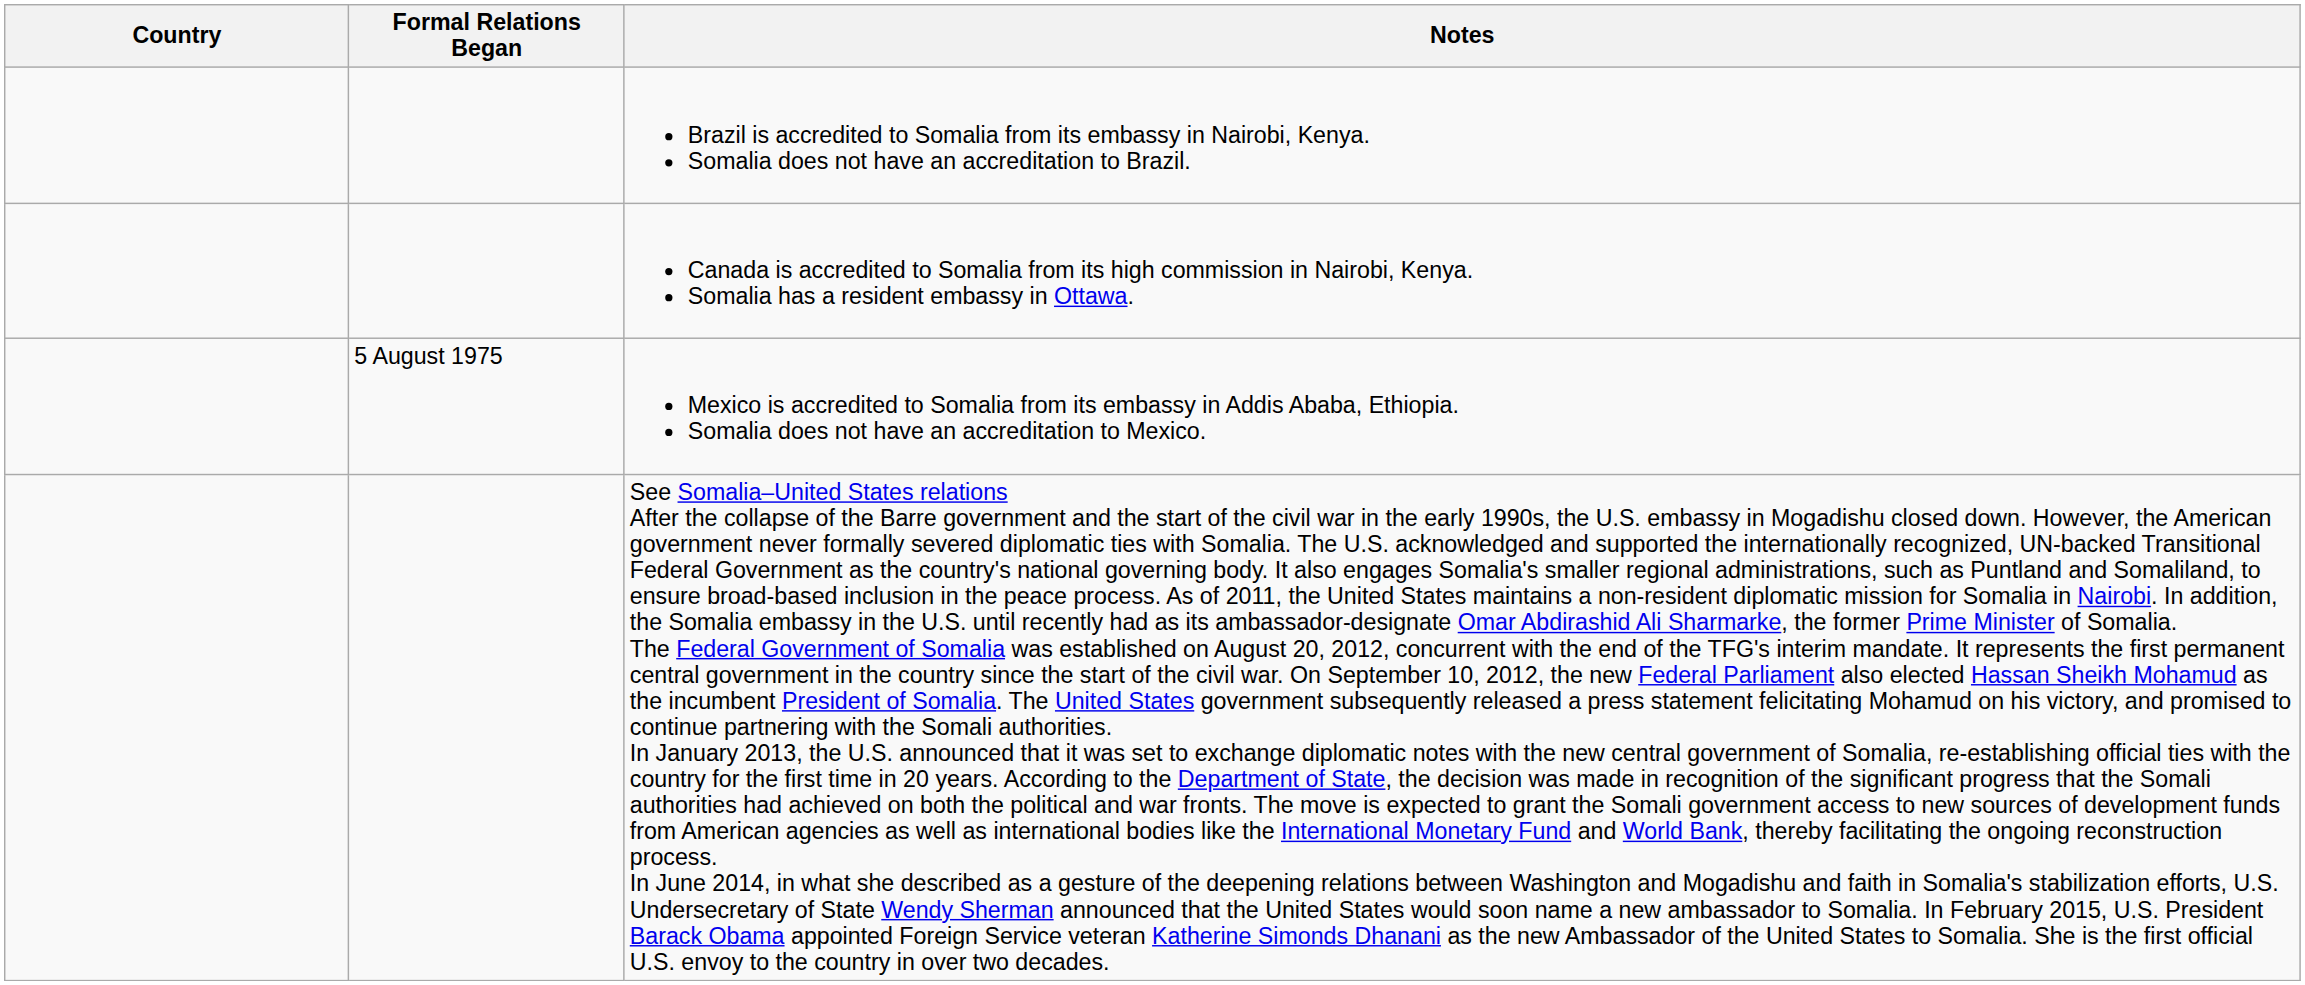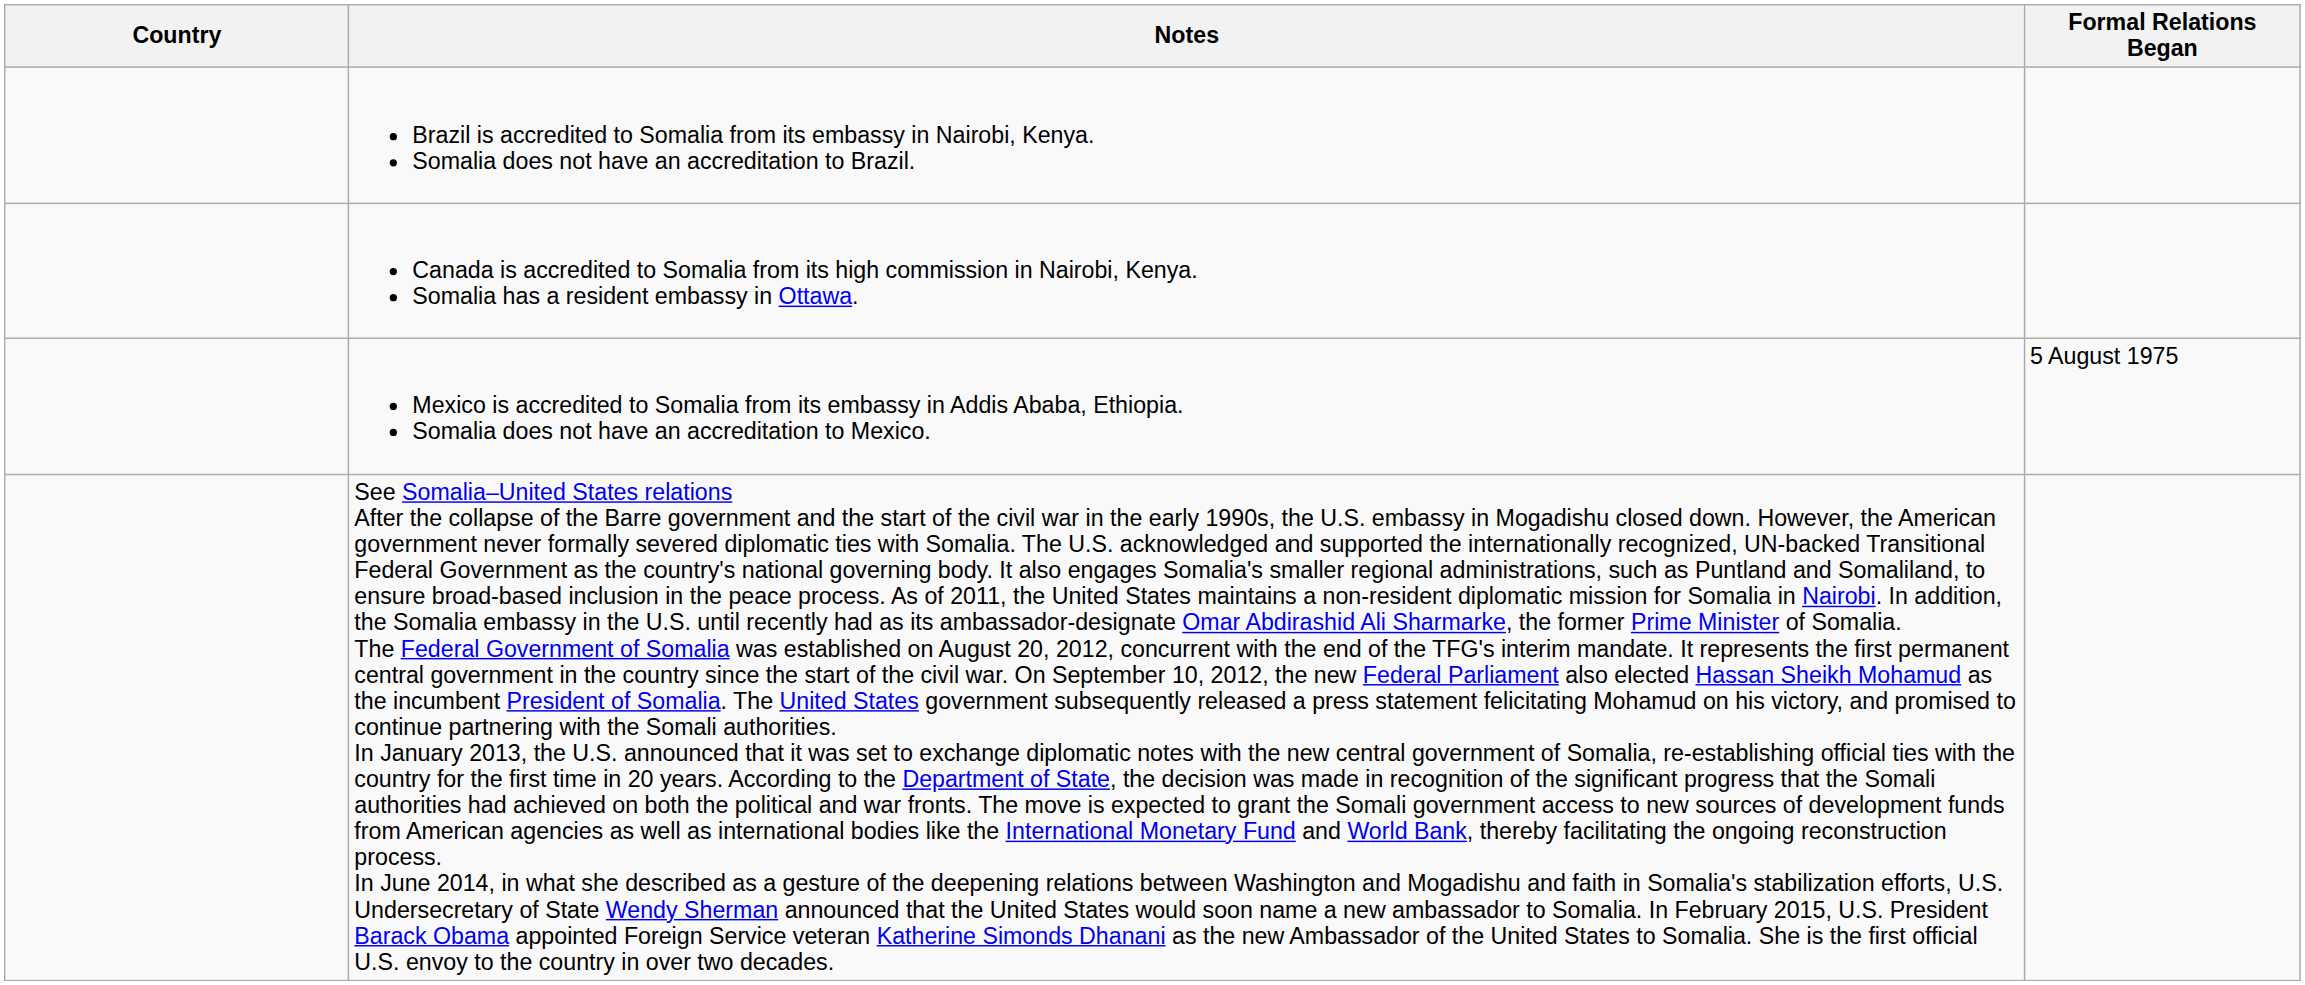 <table class="wikitable sortable" style="width:100%; margin:auto;">
 <tr>
 <th style="width:15%;">Country</th>
+<th>Notes</th>
 <th style="width:12%;">Formal Relations Began</th>
-<th>Notes</th>
 </tr>
 <tr valign="top">
 <td></td>
+<td><br><ul><li>Brazil is accredited to Somalia from its embassy in Nairobi, Kenya.</li><li>Somalia does not have an accreditation to Brazil.</li></ul></td>
 <td></td>
-<td><br><ul><li>Brazil is accredited to Somalia from its embassy in Nairobi, Kenya.</li><li>Somalia does not have an accreditation to Brazil.</li></ul></td>
 </tr>
 <tr valign="top">
 <td></td>
+<td><br><ul><li>Canada is accredited to Somalia from its high commission in Nairobi, Kenya.</li><li>Somalia has a resident embassy in <a href='#'>Ottawa</a>.</li></ul></td>
 <td></td>
-<td><br><ul><li>Canada is accredited to Somalia from its high commission in Nairobi, Kenya.</li><li>Somalia has a resident embassy in <a href='#'>Ottawa</a>.</li></ul></td>
 </tr>
 <tr valign="top">
 <td></td>
+<td><br><ul><li>Mexico is accredited to Somalia from its embassy in Addis Ababa, Ethiopia.</li><li>Somalia does not have an accreditation to Mexico.</li></ul></td>
 <td>5 August 1975</td>
-<td><br><ul><li>Mexico is accredited to Somalia from its embassy in Addis Ababa, Ethiopia.</li><li>Somalia does not have an accreditation to Mexico.</li></ul></td>
 </tr>
 <tr valign="top">
 <td></td>
+<td>See <a href='#'>Somalia–United States relations</a><br>After the collapse of the Barre government and the start of the civil war in the early 1990s, the U.S. embassy in Mogadishu closed down. However, the American government never formally severed diplomatic ties with Somalia. The U.S. acknowledged and supported the internationally recognized, UN-backed Transitional Federal Government as the country's national governing body. It also engages Somalia's smaller regional administrations, such as Puntland and Somaliland, to ensure broad-based inclusion in the peace process.  As of 2011, the United States maintains a non-resident diplomatic mission for Somalia in <a href='#'>Nairobi</a>. In addition, the Somalia embassy in the U.S. until recently had as its ambassador-designate <a href='#'>Omar Abdirashid Ali Sharmarke</a>, the former <a href='#'>Prime Minister</a> of Somalia.<br>The <a href='#'>Federal Government of Somalia</a> was established on August 20, 2012, concurrent with the end of the TFG's interim mandate. It represents the first permanent central government in the country since the start of the civil war. On September 10, 2012, the new <a href='#'>Federal Parliament</a> also elected <a href='#'>Hassan Sheikh Mohamud</a> as the incumbent <a href='#'>President of Somalia</a>. The <a href='#'>United States</a> government subsequently released a press statement felicitating Mohamud on his victory, and promised to continue partnering with the Somali authorities.<br>In January 2013, the U.S. announced that it was set to exchange diplomatic notes with the new central government of Somalia, re-establishing official ties with the country for the first time in 20 years. According to the <a href='#'>Department of State</a>, the decision was made in recognition of the significant progress that the Somali authorities had achieved on both the political and war fronts. The move is expected to grant the Somali government access to new sources of development funds from American agencies as well as international bodies like the <a href='#'>International Monetary Fund</a> and <a href='#'>World Bank</a>, thereby facilitating the ongoing reconstruction process.<br>In June 2014, in what she described as a gesture of the deepening relations between Washington and Mogadishu and faith in Somalia's stabilization efforts, U.S. Undersecretary of State <a href='#'>Wendy Sherman</a> announced that the United States would soon name a new ambassador to Somalia. In February 2015, U.S. President <a href='#'>Barack Obama</a> appointed Foreign Service veteran <a href='#'>Katherine Simonds Dhanani</a> as the new Ambassador of the United States to Somalia. She is the first official U.S. envoy to the country in over two decades.</td>
 <td></td>
-<td>See <a href='#'>Somalia–United States relations</a><br>After the collapse of the Barre government and the start of the civil war in the early 1990s, the U.S. embassy in Mogadishu closed down. However, the American government never formally severed diplomatic ties with Somalia. The U.S. acknowledged and supported the internationally recognized, UN-backed Transitional Federal Government as the country's national governing body. It also engages Somalia's smaller regional administrations, such as Puntland and Somaliland, to ensure broad-based inclusion in the peace process.  As of 2011, the United States maintains a non-resident diplomatic mission for Somalia in <a href='#'>Nairobi</a>. In addition, the Somalia embassy in the U.S. until recently had as its ambassador-designate <a href='#'>Omar Abdirashid Ali Sharmarke</a>, the former <a href='#'>Prime Minister</a> of Somalia.<br>The <a href='#'>Federal Government of Somalia</a> was established on August 20, 2012, concurrent with the end of the TFG's interim mandate. It represents the first permanent central government in the country since the start of the civil war. On September 10, 2012, the new <a href='#'>Federal Parliament</a> also elected <a href='#'>Hassan Sheikh Mohamud</a> as the incumbent <a href='#'>President of Somalia</a>. The <a href='#'>United States</a> government subsequently released a press statement felicitating Mohamud on his victory, and promised to continue partnering with the Somali authorities.<br>In January 2013, the U.S. announced that it was set to exchange diplomatic notes with the new central government of Somalia, re-establishing official ties with the country for the first time in 20 years. According to the <a href='#'>Department of State</a>, the decision was made in recognition of the significant progress that the Somali authorities had achieved on both the political and war fronts. The move is expected to grant the Somali government access to new sources of development funds from American agencies as well as international bodies like the <a href='#'>International Monetary Fund</a> and <a href='#'>World Bank</a>, thereby facilitating the ongoing reconstruction process.<br>In June 2014, in what she described as a gesture of the deepening relations between Washington and Mogadishu and faith in Somalia's stabilization efforts, U.S. Undersecretary of State <a href='#'>Wendy Sherman</a> announced that the United States would soon name a new ambassador to Somalia. In February 2015, U.S. President <a href='#'>Barack Obama</a> appointed Foreign Service veteran <a href='#'>Katherine Simonds Dhanani</a> as the new Ambassador of the United States to Somalia. She is the first official U.S. envoy to the country in over two decades.</td>
 </tr>
 </table>
